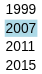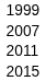 <table>
 <tr>
 <td>1999</td>
 <td></td>
 <td></td>
 <td><br></td>
 </tr>
 <tr>
-<td style="background: lightblue;">2007</td>
+<td>2007</td>
 <td></td>
 <td></td>
 <td><br></td>
 </tr>
 <tr>
 <td rowspan=2>2011<br></td>
 <td rowspan=2></td>
 <td rowspan=2></td>
 <td></td>
 </tr>
 <tr>
 <td></td>
 </tr>
 <tr>
 <td rowspan=2>2015<br></td>
 <td rowspan=2></td>
 <td rowspan=2></td>
 <td></td>
 </tr>
 <tr>
 <td></td>
 </tr>
 </table>
